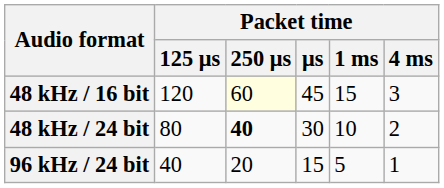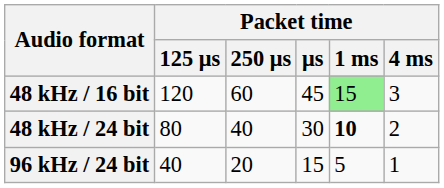 <table class=wikitable>
 <tr>
 <th rowspan=2>Audio format</th>
 <th colspan=5>Packet time</th>
 </tr>
 <tr>
 <th>125 μs</th>
 <th>250 μs</th>
 <th data-sort-value="333.33"> μs</th>
 <th>1 ms</th>
 <th>4 ms</th>
 </tr>
 <tr>
 <th>48 kHz / 16 bit</th>
 <td>120</td>
-<td style="background: lightyellow;">60</td>
+<td>60</td>
 <td>45</td>
-<td>15</td>
+<td style="background: lightgreen;">15</td>
 <td>3</td>
 </tr>
 <tr>
 <th>48 kHz / 24 bit</th>
 <td>80</td>
-<td><strong>40</strong></td>
+<td>40</td>
 <td>30</td>
-<td>10</td>
+<td><strong>10</strong></td>
 <td>2</td>
 </tr>
 <tr>
 <th>96 kHz / 24 bit</th>
 <td>40</td>
 <td>20</td>
 <td>15</td>
 <td>5</td>
 <td>1</td>
 </tr>
 </table>
